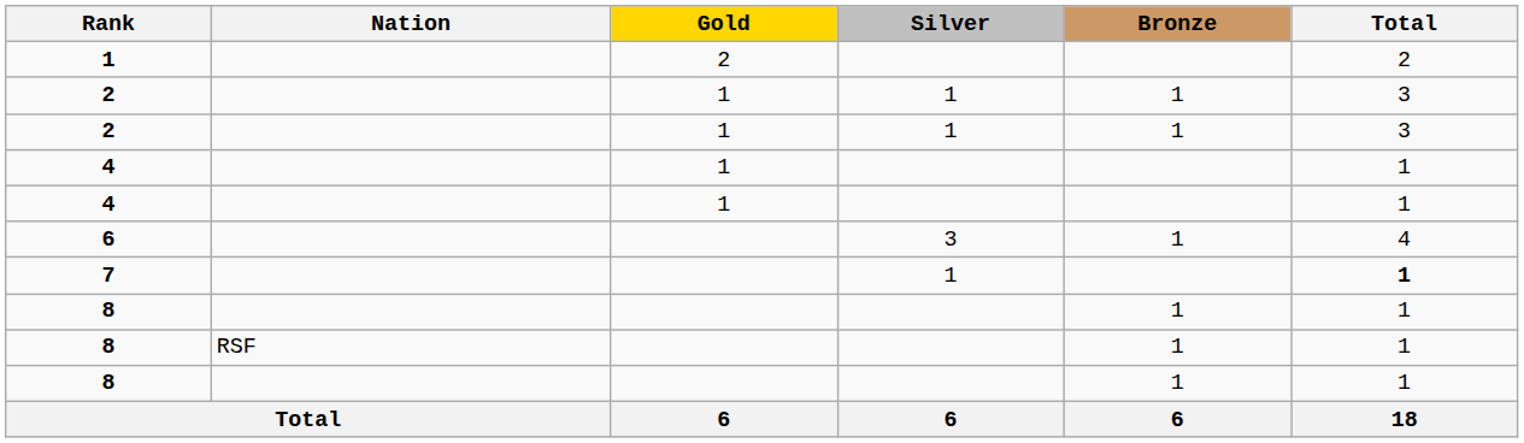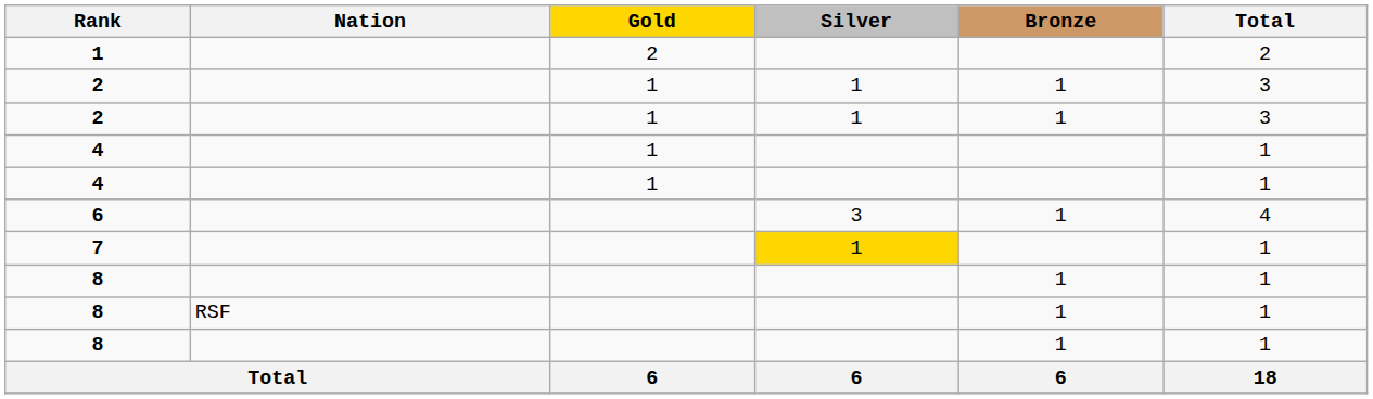 <table class="wikitable collapsible autocollapse plainrowheaders" width=70.5% style="text-align:center;">
 <tr style="background-color:#EDEDED;">
 <th width=100px class="hintergrundfarbe5">Rank</th>
 <th width=200px class="hintergrundfarbe6">Nation</th>
 <th style="background:    gold; width:15%">Gold</th>
 <th style="background:  silver; width:15%">Silver</th>
 <th style="background: #CC9966; width:15%">Bronze</th>
 <th class="hintergrundfarbe6" style="width:15%">Total</th>
 </tr>
 <tr>
 <td><strong>1</strong></td>
 <td align=left></td>
 <td>2</td>
 <td></td>
 <td></td>
 <td>2</td>
 </tr>
 <tr>
 <td><strong>2</strong></td>
 <td align=left></td>
 <td>1</td>
 <td>1</td>
 <td>1</td>
 <td>3</td>
 </tr>
 <tr>
 <td><strong>2</strong></td>
 <td align=left></td>
 <td>1</td>
 <td>1</td>
 <td>1</td>
 <td>3</td>
 </tr>
 <tr>
 <td><strong>4</strong></td>
 <td align=left></td>
 <td>1</td>
 <td></td>
 <td></td>
 <td>1</td>
 </tr>
 <tr>
 <td><strong>4</strong></td>
 <td align=left></td>
 <td>1</td>
 <td></td>
 <td></td>
 <td>1</td>
 </tr>
 <tr>
 <td><strong>6</strong></td>
 <td align=left></td>
 <td></td>
 <td>3</td>
 <td>1</td>
 <td>4</td>
 </tr>
 <tr>
 <td><strong>7</strong></td>
 <td align=left></td>
 <td></td>
+<td style="background: gold;">1</td>
+<td></td>
 <td>1</td>
-<td></td>
-<td><strong>1</strong></td>
 </tr>
 <tr>
 <td><strong>8</strong></td>
 <td align=left></td>
 <td></td>
 <td></td>
 <td>1</td>
 <td>1</td>
 </tr>
 <tr>
 <td><strong>8</strong></td>
 <td align=left>RSF</td>
 <td></td>
 <td></td>
 <td>1</td>
 <td>1</td>
 </tr>
 <tr>
 <td><strong>8</strong></td>
 <td align=left></td>
 <td></td>
 <td></td>
 <td>1</td>
 <td>1</td>
 </tr>
 <tr>
 <th colspan=2>Total</th>
 <th>6</th>
 <th>6</th>
 <th>6</th>
 <th>18</th>
 </tr>
 </table>
